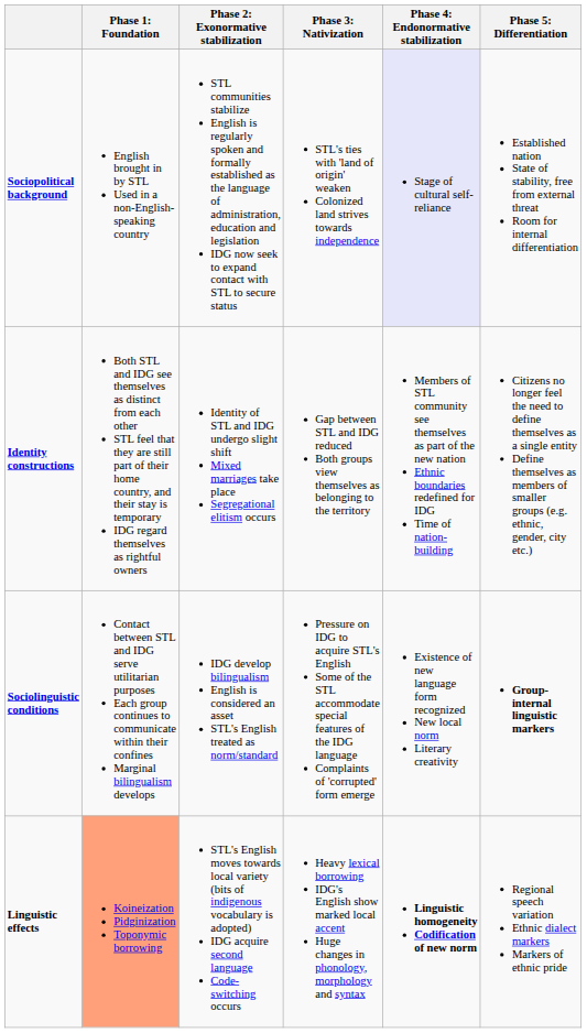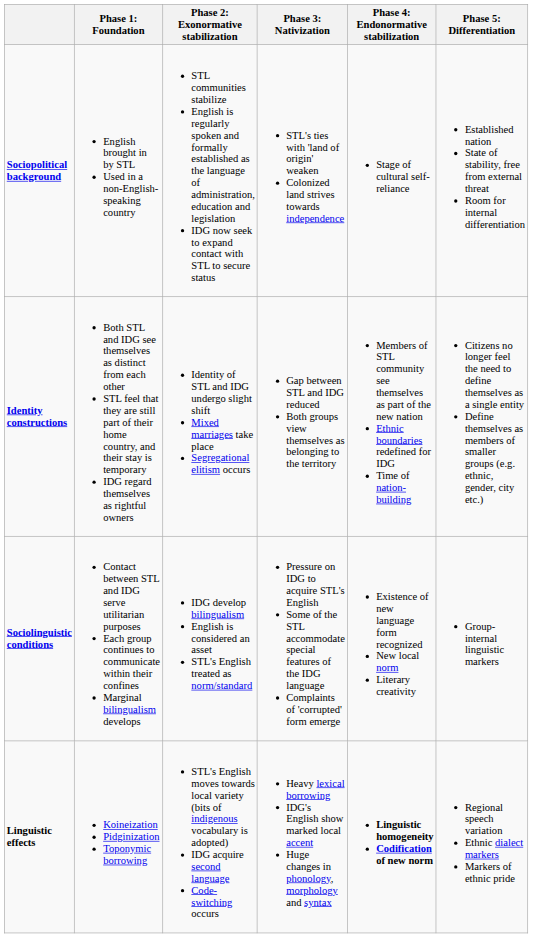 <table class="wikitable">
 <tr>
 <th></th>
 <th>Phase 1: Foundation</th>
 <th>Phase 2: Exonormative stabilization</th>
 <th>Phase 3: Nativization</th>
 <th>Phase 4: Endonormative stabilization</th>
 <th>Phase 5: Differentiation</th>
 </tr>
 <tr>
 <td><strong><a href='#'>Sociopolitical background</a></strong></td>
 <td><br><ul><li>English brought in by STL</li><li>Used in a non-English-speaking country</li></ul></td>
 <td><br><ul><li>STL communities stabilize</li><li>English is regularly spoken and formally established as the language  of administration, education and legislation</li><li>IDG now seek to expand contact with STL to secure status</li></ul></td>
 <td><br><ul><li>STL's ties with 'land of origin' weaken</li><li>Colonized land strives towards <a href='#'>independence</a></li></ul></td>
-<td style="background: lavender;"><br><ul><li>Stage of cultural self-reliance</li></ul></td>
+<td><br><ul><li>Stage of cultural self-reliance</li></ul></td>
 <td><br><ul><li>Established nation</li><li>State of stability, free from external threat</li><li>Room for internal differentiation</li></ul></td>
 </tr>
 <tr>
 <td><strong><a href='#'>Identity constructions</a></strong></td>
 <td><br><ul><li>Both STL and IDG see themselves as distinct from each other</li><li>STL feel that they are still part of their home country, and their stay is temporary</li><li>IDG regard themselves as rightful owners</li></ul></td>
 <td><br><ul><li>Identity of STL and IDG undergo slight shift</li><li><a href='#'>Mixed marriages</a> take place</li><li><a href='#'>Segregational elitism</a> occurs</li></ul></td>
 <td><br><ul><li>Gap between STL and IDG reduced</li><li>Both groups view themselves as belonging to the territory</li></ul></td>
 <td><br><ul><li>Members of STL community see themselves as part of the new nation</li><li><a href='#'>Ethnic boundaries</a> redefined for IDG</li><li>Time of <a href='#'>nation-building</a></li></ul></td>
 <td><br><ul><li>Citizens no longer feel the need to define themselves as a single entity</li><li>Define themselves as members of smaller groups (e.g. ethnic, gender, city etc.)</li></ul></td>
 </tr>
 <tr>
 <td><strong><a href='#'>Sociolinguistic conditions</a></strong></td>
 <td><br><ul><li>Contact between STL and IDG serve utilitarian purposes</li><li>Each group continues to communicate within their confines</li><li>Marginal <a href='#'>bilingualism</a> develops</li></ul></td>
 <td><br><ul><li>IDG develop <a href='#'>bilingualism</a></li><li>English is considered an asset</li><li>STL's English treated as <a href='#'>norm/standard</a></li></ul></td>
 <td><br><ul><li>Pressure on IDG to acquire STL's English</li><li>Some of the STL accommodate special features of the IDG language</li><li>Complaints of 'corrupted' form emerge</li></ul></td>
 <td><br><ul><li>Existence of new language form recognized</li><li>New local <a href='#'>norm</a></li><li>Literary creativity</li></ul></td>
-<td><strong><br><ul><li>Group-internal linguistic markers</li></ul></strong></td>
+<td><br><ul><li>Group-internal linguistic markers</li></ul></td>
 </tr>
 <tr>
 <td><strong>Linguistic effects</strong></td>
-<td style="background: lightsalmon;"><br><ul><li><a href='#'>Koineization</a></li><li><a href='#'>Pidginization</a></li><li><a href='#'>Toponymic borrowing</a></li></ul></td>
+<td><br><ul><li><a href='#'>Koineization</a></li><li><a href='#'>Pidginization</a></li><li><a href='#'>Toponymic borrowing</a></li></ul></td>
 <td><br><ul><li>STL's English moves towards local variety (bits of <a href='#'>indigenous</a> vocabulary is adopted)</li><li>IDG acquire <a href='#'>second language</a></li><li><a href='#'>Code-switching</a> occurs</li></ul></td>
 <td><br><ul><li>Heavy <a href='#'>lexical borrowing</a></li><li>IDG's English show marked local <a href='#'>accent</a></li><li>Huge changes in <a href='#'>phonology</a>, <a href='#'>morphology</a> and <a href='#'>syntax</a></li></ul></td>
 <td><strong><br><ul><li>Linguistic homogeneity</li><li><a href='#'>Codification</a> of new norm</li></ul></strong></td>
 <td><br><ul><li>Regional speech variation</li><li>Ethnic <a href='#'>dialect markers</a></li><li>Markers of ethnic pride</li></ul></td>
 </tr>
 </table>
